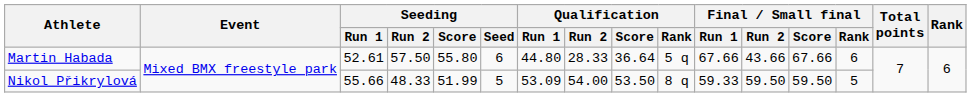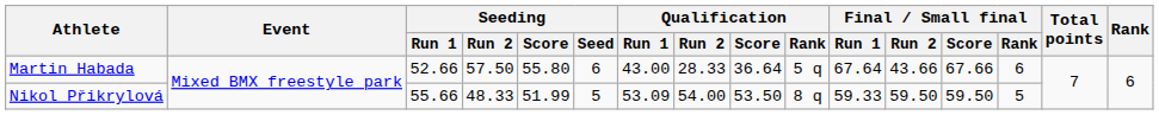 <table class="wikitable" style="font-size:90%;">
 <tr>
 <th rowspan=2>Athlete</th>
 <th rowspan=2>Event</th>
 <th colspan=4>Seeding</th>
 <th colspan=4>Qualification</th>
 <th colspan=4>Final / Small final</th>
 <th rowspan=2>Total<br>points</th>
 <th rowspan=2>Rank</th>
 </tr>
 <tr style="font-size:95%">
 <th>Run 1</th>
 <th>Run 2</th>
 <th>Score</th>
 <th>Seed</th>
 <th>Run 1</th>
 <th>Run 2</th>
 <th>Score</th>
 <th>Rank</th>
 <th>Run 1</th>
 <th>Run 2</th>
 <th>Score</th>
 <th>Rank</th>
 </tr>
 <tr align=center>
 <td align=left><a href='#'>Martin Habada</a></td>
 <td rowspan=2><a href='#'>Mixed BMX freestyle park</a></td>
-<td>52.61</td>
+<td>52.66</td>
 <td>57.50</td>
 <td>55.80</td>
 <td>6</td>
-<td>44.80</td>
+<td>43.00</td>
 <td>28.33</td>
 <td>36.64</td>
 <td>5 q</td>
-<td>67.66</td>
+<td>67.64</td>
 <td>43.66</td>
 <td>67.66</td>
 <td>6</td>
 <td rowspan=2>7</td>
 <td rowspan=2>6</td>
 </tr>
 <tr align=center>
 <td align="left"><a href='#'>Nikol Přikrylová</a></td>
 <td>55.66</td>
 <td>48.33</td>
 <td>51.99</td>
 <td>5</td>
 <td>53.09</td>
 <td>54.00</td>
 <td>53.50</td>
 <td>8 q</td>
 <td>59.33</td>
 <td>59.50</td>
 <td>59.50</td>
 <td>5</td>
 </tr>
 </table>
